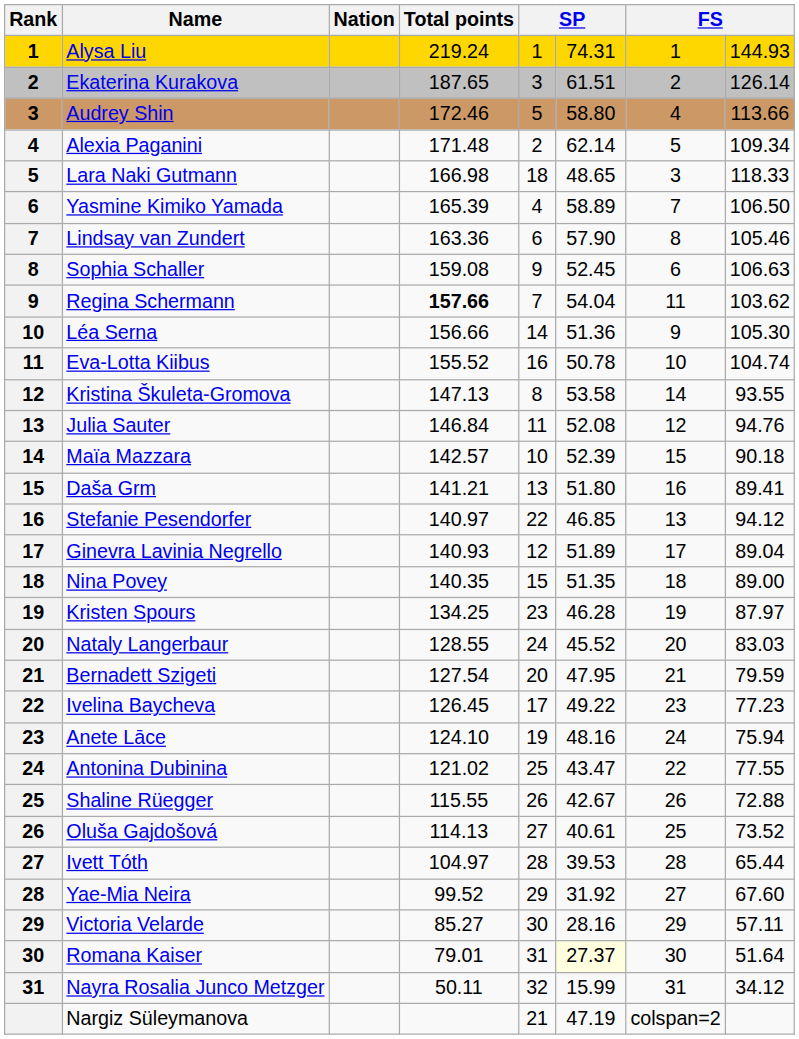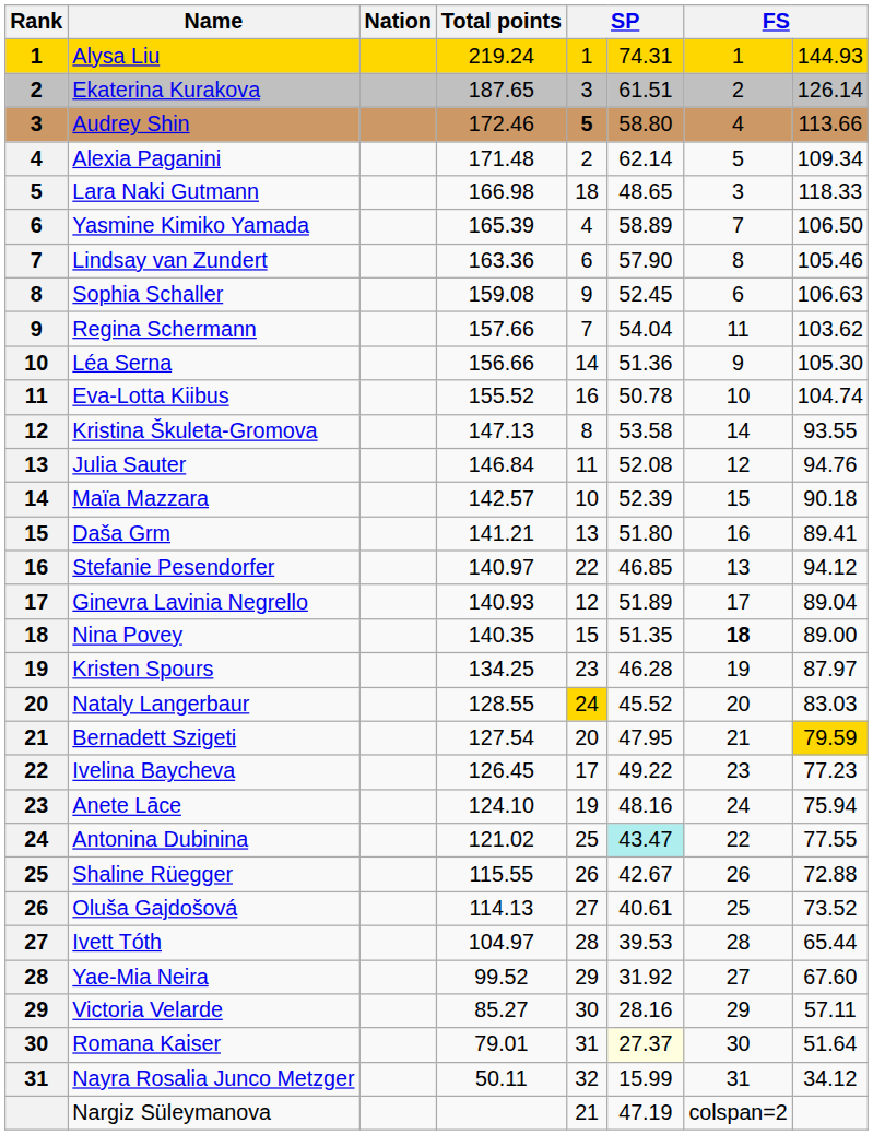 <table class="wikitable sortable">
 <tr>
 <th>Rank</th>
 <th>Name</th>
 <th>Nation</th>
 <th>Total points</th>
 <th colspan="2" width="80px"><a href='#'>SP</a></th>
 <th colspan="2" width="80px"><a href='#'>FS</a></th>
 </tr>
 <tr bgcolor="gold">
 <td align="center"><strong>1</strong></td>
 <td><a href='#'>Alysa Liu</a></td>
 <td></td>
 <td align="center">219.24</td>
 <td align="center">1</td>
 <td align="center">74.31</td>
 <td align="center">1</td>
 <td align="center">144.93</td>
 </tr>
 <tr bgcolor="silver">
 <td align="center"><strong>2</strong></td>
 <td><a href='#'>Ekaterina Kurakova</a></td>
 <td></td>
 <td align="center">187.65</td>
 <td align="center">3</td>
 <td align="center">61.51</td>
 <td align="center">2</td>
 <td align="center">126.14</td>
 </tr>
 <tr bgcolor="cc9966">
 <td align="center"><strong>3</strong></td>
 <td><a href='#'>Audrey Shin</a></td>
 <td></td>
 <td align="center">172.46</td>
-<td align="center">5</td>
+<td align="center"><strong>5</strong></td>
 <td align="center">58.80</td>
 <td align="center">4</td>
 <td align="center">113.66</td>
 </tr>
 <tr>
 <th>4</th>
 <td><a href='#'>Alexia Paganini</a></td>
 <td></td>
 <td align="center">171.48</td>
 <td align="center">2</td>
 <td align="center">62.14</td>
 <td align="center">5</td>
 <td align="center">109.34</td>
 </tr>
 <tr>
 <th>5</th>
 <td><a href='#'>Lara Naki Gutmann</a></td>
 <td></td>
 <td align="center">166.98</td>
 <td align="center">18</td>
 <td align="center">48.65</td>
 <td align="center">3</td>
 <td align="center">118.33</td>
 </tr>
 <tr>
 <th>6</th>
 <td><a href='#'>Yasmine Kimiko Yamada</a></td>
 <td></td>
 <td align="center">165.39</td>
 <td align="center">4</td>
 <td align="center">58.89</td>
 <td align="center">7</td>
 <td align="center">106.50</td>
 </tr>
 <tr>
 <th>7</th>
 <td><a href='#'>Lindsay van Zundert</a></td>
 <td></td>
 <td align="center">163.36</td>
 <td align="center">6</td>
 <td align="center">57.90</td>
 <td align="center">8</td>
 <td align="center">105.46</td>
 </tr>
 <tr>
 <th>8</th>
 <td><a href='#'>Sophia Schaller</a></td>
 <td></td>
 <td align="center">159.08</td>
 <td align="center">9</td>
 <td align="center">52.45</td>
 <td align="center">6</td>
 <td align="center">106.63</td>
 </tr>
 <tr>
 <th>9</th>
 <td><a href='#'>Regina Schermann</a></td>
 <td></td>
-<td align="center"><strong>157.66</strong></td>
+<td align="center">157.66</td>
 <td align="center">7</td>
 <td align="center">54.04</td>
 <td align="center">11</td>
 <td align="center">103.62</td>
 </tr>
 <tr>
 <th>10</th>
 <td><a href='#'>Léa Serna</a></td>
 <td></td>
 <td align="center">156.66</td>
 <td align="center">14</td>
 <td align="center">51.36</td>
 <td align="center">9</td>
 <td align="center">105.30</td>
 </tr>
 <tr>
 <th>11</th>
 <td><a href='#'>Eva-Lotta Kiibus</a></td>
 <td></td>
 <td align="center">155.52</td>
 <td align="center">16</td>
 <td align="center">50.78</td>
 <td align="center">10</td>
 <td align="center">104.74</td>
 </tr>
 <tr>
 <th>12</th>
 <td><a href='#'>Kristina Škuleta-Gromova</a></td>
 <td></td>
 <td align="center">147.13</td>
 <td align="center">8</td>
 <td align="center">53.58</td>
 <td align="center">14</td>
 <td align="center">93.55</td>
 </tr>
 <tr>
 <th>13</th>
 <td><a href='#'>Julia Sauter</a></td>
 <td></td>
 <td align="center">146.84</td>
 <td align="center">11</td>
 <td align="center">52.08</td>
 <td align="center">12</td>
 <td align="center">94.76</td>
 </tr>
 <tr>
 <th>14</th>
 <td><a href='#'>Maïa Mazzara</a></td>
 <td></td>
 <td align="center">142.57</td>
 <td align="center">10</td>
 <td align="center">52.39</td>
 <td align="center">15</td>
 <td align="center">90.18</td>
 </tr>
 <tr>
 <th>15</th>
 <td><a href='#'>Daša Grm</a></td>
 <td></td>
 <td align="center">141.21</td>
 <td align="center">13</td>
 <td align="center">51.80</td>
 <td align="center">16</td>
 <td align="center">89.41</td>
 </tr>
 <tr>
 <th>16</th>
 <td><a href='#'>Stefanie Pesendorfer</a></td>
 <td></td>
 <td align="center">140.97</td>
 <td align="center">22</td>
 <td align="center">46.85</td>
 <td align="center">13</td>
 <td align="center">94.12</td>
 </tr>
 <tr>
 <th>17</th>
 <td><a href='#'>Ginevra Lavinia Negrello</a></td>
 <td></td>
 <td align="center">140.93</td>
 <td align="center">12</td>
 <td align="center">51.89</td>
 <td align="center">17</td>
 <td align="center">89.04</td>
 </tr>
 <tr>
 <th>18</th>
 <td><a href='#'>Nina Povey</a></td>
 <td></td>
 <td align="center">140.35</td>
 <td align="center">15</td>
 <td align="center">51.35</td>
-<td align="center">18</td>
+<td align="center"><strong>18</strong></td>
 <td align="center">89.00</td>
 </tr>
 <tr>
 <th>19</th>
 <td><a href='#'>Kristen Spours</a></td>
 <td></td>
 <td align="center">134.25</td>
 <td align="center">23</td>
 <td align="center">46.28</td>
 <td align="center">19</td>
 <td align="center">87.97</td>
 </tr>
 <tr>
 <th>20</th>
 <td><a href='#'>Nataly Langerbaur</a></td>
 <td></td>
 <td align="center">128.55</td>
-<td align="center">24</td>
+<td align="center" style="background: gold;">24</td>
 <td align="center">45.52</td>
 <td align="center">20</td>
 <td align="center">83.03</td>
 </tr>
 <tr>
 <th>21</th>
 <td><a href='#'>Bernadett Szigeti</a></td>
 <td></td>
 <td align="center">127.54</td>
 <td align="center">20</td>
 <td align="center">47.95</td>
 <td align="center">21</td>
-<td align="center">79.59</td>
+<td align="center" style="background: gold;">79.59</td>
 </tr>
 <tr>
 <th>22</th>
 <td><a href='#'>Ivelina Baycheva</a></td>
 <td></td>
 <td align="center">126.45</td>
 <td align="center">17</td>
 <td align="center">49.22</td>
 <td align="center">23</td>
 <td align="center">77.23</td>
 </tr>
 <tr>
 <th>23</th>
 <td><a href='#'>Anete Lāce</a></td>
 <td></td>
 <td align="center">124.10</td>
 <td align="center">19</td>
 <td align="center">48.16</td>
 <td align="center">24</td>
 <td align="center">75.94</td>
 </tr>
 <tr>
 <th>24</th>
 <td><a href='#'>Antonina Dubinina</a></td>
 <td></td>
 <td align="center">121.02</td>
 <td align="center">25</td>
-<td align="center">43.47</td>
+<td align="center" style="background: paleturquoise;">43.47</td>
 <td align="center">22</td>
 <td align="center">77.55</td>
 </tr>
 <tr>
 <th>25</th>
 <td><a href='#'>Shaline Rüegger</a></td>
 <td></td>
 <td align="center">115.55</td>
 <td align="center">26</td>
 <td align="center">42.67</td>
 <td align="center">26</td>
 <td align="center">72.88</td>
 </tr>
 <tr>
 <th>26</th>
 <td><a href='#'>Oluša Gajdošová</a></td>
 <td></td>
 <td align="center">114.13</td>
 <td align="center">27</td>
 <td align="center">40.61</td>
 <td align="center">25</td>
 <td align="center">73.52</td>
 </tr>
 <tr>
 <th>27</th>
 <td><a href='#'>Ivett Tóth</a></td>
 <td></td>
 <td align="center">104.97</td>
 <td align="center">28</td>
 <td align="center">39.53</td>
 <td align="center">28</td>
 <td align="center">65.44</td>
 </tr>
 <tr>
 <th>28</th>
 <td><a href='#'>Yae-Mia Neira</a></td>
 <td></td>
 <td align="center">99.52</td>
 <td align="center">29</td>
 <td align="center">31.92</td>
 <td align="center">27</td>
 <td align="center">67.60</td>
 </tr>
 <tr>
 <th>29</th>
 <td><a href='#'>Victoria Velarde</a></td>
 <td></td>
 <td align="center">85.27</td>
 <td align="center">30</td>
 <td align="center">28.16</td>
 <td align="center">29</td>
 <td align="center">57.11</td>
 </tr>
 <tr>
 <th>30</th>
 <td><a href='#'>Romana Kaiser</a></td>
 <td></td>
 <td align="center">79.01</td>
 <td align="center">31</td>
 <td align="center" style="background: lightyellow;">27.37</td>
 <td align="center">30</td>
 <td align="center">51.64</td>
 </tr>
 <tr>
 <th>31</th>
 <td><a href='#'>Nayra Rosalia Junco Metzger</a></td>
 <td></td>
 <td align="center">50.11</td>
 <td align="center">32</td>
 <td align="center">15.99</td>
 <td align="center">31</td>
 <td align="center">34.12</td>
 </tr>
 <tr>
 <th></th>
 <td>Nargiz Süleymanova</td>
 <td></td>
 <td></td>
 <td align="center">21</td>
 <td align="center">47.19</td>
 <td>colspan=2 </td>
 </tr>
 </table>
